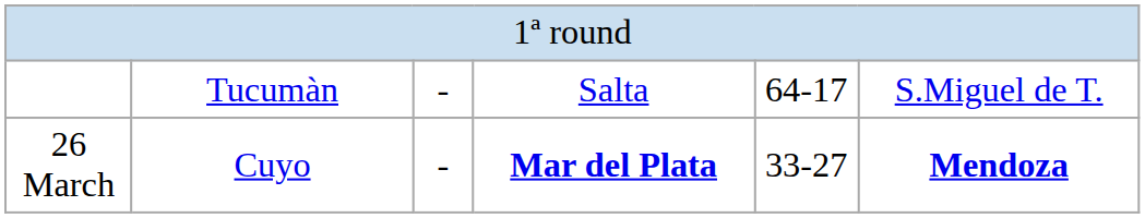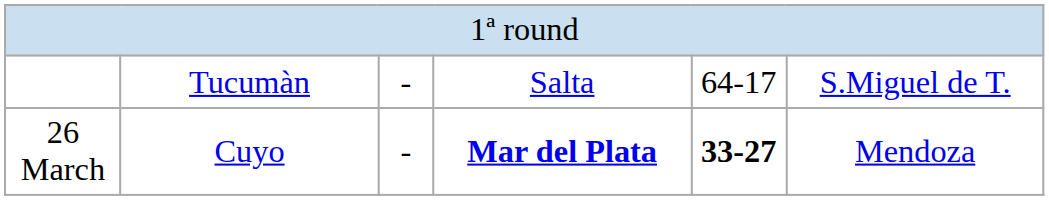 <table class="wikitable" style="text-align:center">
 <tr style="background:#cadff0;">
 <td style="text-align:center;" colspan="6">1ª round</td>
 </tr>
 <tr style="background:#fff;">
 <td width=50></td>
 <td width=120><a href='#'>Tucumàn</a></td>
 <td width=20>-</td>
 <td width=120><a href='#'>Salta</a></td>
 <td width=40>64-17</td>
 <td width=120><a href='#'>S.Miguel de T.</a></td>
 </tr>
 <tr style="background:#fff;">
 <td width=50>26 March</td>
 <td width=120><a href='#'>Cuyo</a></td>
 <td width=20>-</td>
 <td width=120><strong><a href='#'>Mar del Plata</a></strong></td>
-<td width=40>33-27</td>
-<td width=120><strong><a href='#'>Mendoza</a></strong></td>
+<td width=40><strong>33-27</strong></td>
+<td width=120><a href='#'>Mendoza</a></td>
 </tr>
 </table>
